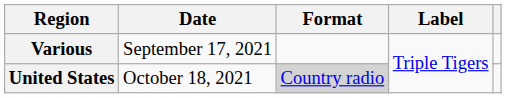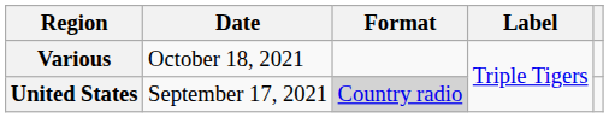 <table class="wikitable plainrowheaders">
 <tr>
 <th scope="col">Region</th>
 <th scope="col">Date</th>
 <th scope="col">Format</th>
 <th scope="col">Label</th>
 <th scope="col"></th>
 </tr>
 <tr>
 <th scope="row">Various</th>
-<td>September 17, 2021</td>
+<td>October 18, 2021</td>
 <td></td>
 <td rowspan="2"><a href='#'>Triple Tigers</a></td>
 <td></td>
 </tr>
 <tr>
 <th scope="row">United States</th>
-<td>October 18, 2021</td>
+<td>September 17, 2021</td>
 <td style="background: lightgrey;"><a href='#'>Country radio</a></td>
 <td></td>
 </tr>
 </table>
